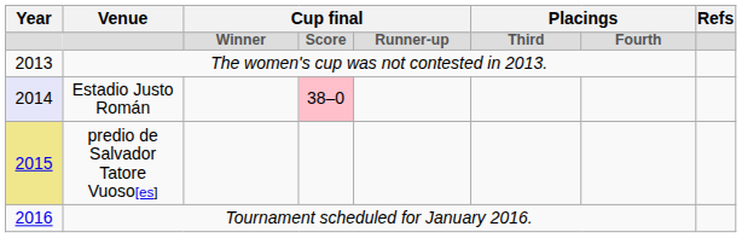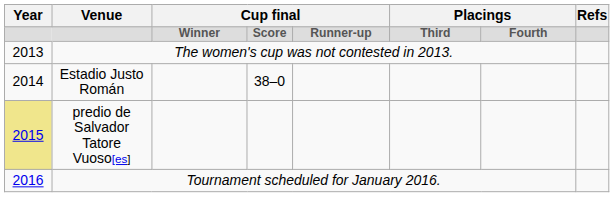 <table class="wikitable" style="font-size:90%; width: 100%; text-align: center;">
 <tr>
 <th>Year</th>
 <th>Venue</th>
 <th colspan=3>Cup final</th>
 <th colspan=2>Placings</th>
 <th style="padding:1px;">Refs</th>
 </tr>
 <tr bgcolor=#ddd style="line-height:9px; font-size:87%;">
 <td style="width:3.9em; border-right:0px;"></td>
 <td style="width:9.5em; border-left:0px; color:#555; "></td>
 <td style="width:9.7em; font-weight:bold; color:#555;">Winner</td>
 <td style="width:3.5em; font-weight:bold; color:#555;">Score</td>
 <td style="width:9.7em; font-weight:bold; color:#555;">Runner-up</td>
 <td style="width:9.7em; font-weight:bold; color:#555;">Third</td>
 <td style="width:9.7em; font-weight:bold; color:#555;">Fourth</td>
 <td style="width:1.2em; font-weight:bold; color:#555;"></td>
 </tr>
 <tr>
 <td>2013</td>
 <td colspan="6"><em>The women's cup was not contested in 2013.</em></td>
 <td></td>
 </tr>
 <tr>
-<td style="background: lavender;">2014</td>
+<td>2014</td>
 <td>Estadio Justo Román</td>
 <td></td>
-<td style="background: pink;">38–0</td>
+<td>38–0</td>
 <td></td>
 <td></td>
 <td></td>
 <td></td>
 </tr>
 <tr>
 <td style="background: khaki;"><a href='#'>2015</a></td>
 <td>predio de Salvador Tatore Vuoso<small><a href='#'>[es</a>]</small></td>
 <td></td>
 <td align=center></td>
 <td></td>
 <td></td>
 <td></td>
 <td></td>
 </tr>
 <tr>
 <td><a href='#'>2016</a></td>
 <td colspan="6"><em>Tournament scheduled for January 2016.</em> </td>
 <td></td>
 </tr>
 </table>
